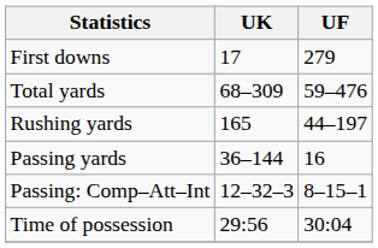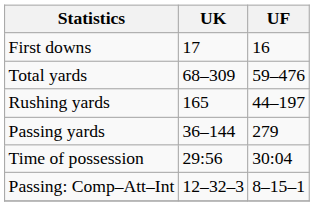 <table class="wikitable" style="float: left;">
 <tr>
 <th>Statistics</th>
 <th>UK</th>
 <th>UF</th>
 </tr>
 <tr>
 <td>First downs</td>
 <td>17</td>
-<td>279</td>
+<td>16</td>
 </tr>
 <tr>
 <td>Total yards</td>
 <td>68–309</td>
 <td>59–476</td>
 </tr>
 <tr>
 <td>Rushing yards</td>
 <td>165</td>
 <td>44–197</td>
 </tr>
 <tr>
 <td>Passing yards</td>
 <td>36–144</td>
-<td>16</td>
+<td>279</td>
+</tr>
+<tr>
+<td>Time of possession</td>
+<td>29:56</td>
+<td>30:04</td>
 </tr>
 <tr>
 <td>Passing: Comp–Att–Int</td>
 <td>12–32–3</td>
 <td>8–15–1</td>
 </tr>
 <tr>
-<td>Time of possession</td>
-<td>29:56</td>
-<td>30:04</td>
-</tr>
-<tr>
 </tr>
 </table>
